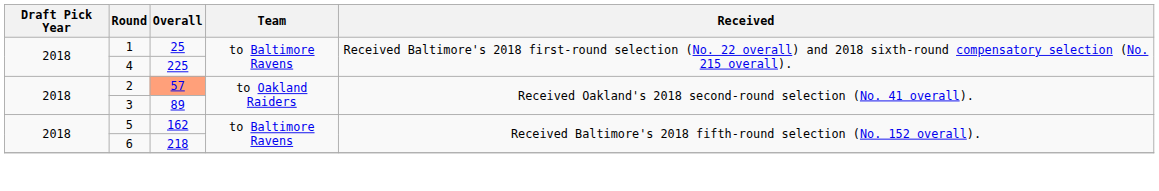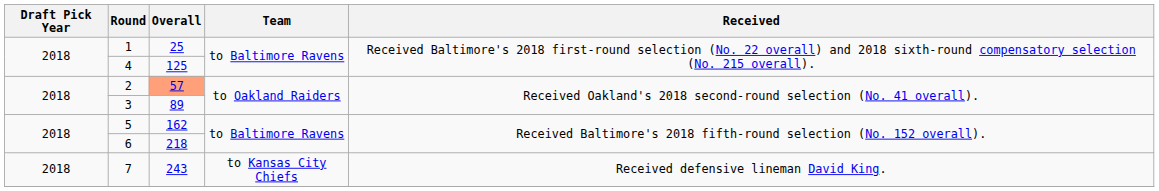 <table class="wikitable" style="text-align: center; margin-left: auto; margin-right: auto">
 <tr>
 <th>Draft Pick Year</th>
 <th>Round</th>
 <th>Overall</th>
 <th>Team</th>
 <th>Received</th>
 </tr>
 <tr>
 <td rowspan="2">2018</td>
 <td>1</td>
 <td><a href='#'>25</a></td>
 <td rowspan="2">to <a href='#'>Baltimore Ravens</a></td>
 <td rowspan="2">Received Baltimore's 2018 first-round selection (<a href='#'>No. 22 overall</a>) and 2018 sixth-round <a href='#'>compensatory selection</a> (<a href='#'>No. 215 overall</a>).</td>
 </tr>
 <tr>
 <td>4</td>
-<td><a href='#'>225</a></td>
+<td><a href='#'>125</a></td>
 </tr>
 <tr>
 <td rowspan="2">2018</td>
 <td>2</td>
 <td style="background: lightsalmon;"><a href='#'>57</a></td>
 <td rowspan="2">to <a href='#'>Oakland Raiders</a></td>
 <td rowspan="2">Received Oakland's 2018 second-round selection (<a href='#'>No. 41 overall</a>).</td>
 </tr>
 <tr>
 <td>3</td>
 <td><a href='#'>89</a></td>
 </tr>
 <tr>
 <td rowspan="2">2018</td>
 <td>5</td>
 <td><a href='#'>162</a></td>
 <td rowspan="2">to <a href='#'>Baltimore Ravens</a></td>
 <td rowspan="2">Received Baltimore's 2018 fifth-round selection (<a href='#'>No. 152 overall</a>).</td>
 </tr>
 <tr>
 <td>6</td>
 <td><a href='#'>218</a></td>
 </tr>
 <tr>
+<td>2018</td>
+<td>7</td>
+<td><a href='#'>243</a></td>
+<td>to <a href='#'>Kansas City Chiefs</a></td>
+<td>Received defensive lineman <a href='#'>David King</a>.</td>
+</tr>
+<tr>
 </tr>
 </table>
